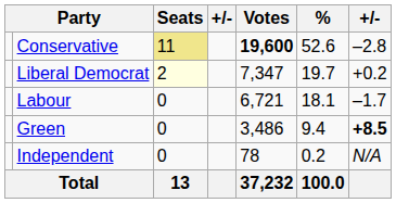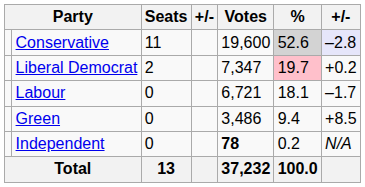 <table class="wikitable sortable">
 <tr>
 <th colspan="2">Party</th>
 <th>Seats</th>
 <th>+/-</th>
 <th>Votes</th>
 <th>%</th>
 <th>+/-</th>
 </tr>
 <tr>
 <td style="background-color: "></td>
 <td><a href='#'>Conservative</a></td>
-<td style="background: khaki;">11</td>
+<td>11</td>
 <td></td>
-<td><strong>19,600</strong></td>
-<td>52.6</td>
-<td>–2.8</td>
+<td>19,600</td>
+<td style="background: lightgrey;">52.6</td>
+<td style="background: lavender;">–2.8</td>
 </tr>
 <tr>
 <td style="background-color: "></td>
 <td><a href='#'>Liberal Democrat</a></td>
-<td style="background: lightyellow;">2</td>
+<td>2</td>
 <td></td>
 <td>7,347</td>
-<td>19.7</td>
+<td style="background: pink;">19.7</td>
 <td>+0.2</td>
 </tr>
 <tr>
 <td style="background-color: "></td>
 <td><a href='#'>Labour</a></td>
 <td>0</td>
 <td></td>
 <td>6,721</td>
 <td>18.1</td>
 <td>–1.7</td>
 </tr>
 <tr>
 <td style="background-color: "></td>
 <td><a href='#'>Green</a></td>
 <td>0</td>
 <td></td>
 <td>3,486</td>
 <td>9.4</td>
-<td><strong>+8.5</strong></td>
+<td>+8.5</td>
 </tr>
 <tr>
 <td style="background-color: "></td>
 <td><a href='#'>Independent</a></td>
 <td>0</td>
 <td></td>
-<td>78</td>
+<td><strong>78</strong></td>
 <td>0.2</td>
 <td><em>N/A</em></td>
 </tr>
 <tr>
 <th colspan="2"><strong>Total</strong></th>
 <th>13</th>
 <th></th>
 <th>37,232</th>
 <th>100.0</th>
 <th></th>
 </tr>
 </table>
